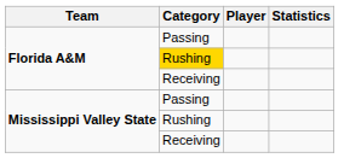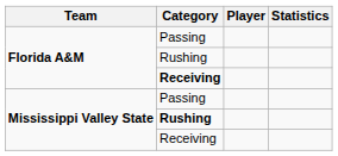 <table class="wikitable" style="float: left;">
 <tr>
 <th>Team</th>
 <th>Category</th>
 <th>Player</th>
 <th>Statistics</th>
 </tr>
 <tr>
 <td rowspan=3><strong>Florida A&M</strong></td>
 <td>Passing</td>
 <td> </td>
 <td> </td>
 </tr>
 <tr>
-<td style="background: gold;">Rushing</td>
+<td>Rushing</td>
 <td> </td>
 <td> </td>
 </tr>
 <tr>
-<td>Receiving</td>
+<td><strong>Receiving</strong></td>
 <td> </td>
 <td> </td>
 </tr>
 <tr>
 <td rowspan=3><strong>Mississippi Valley State</strong></td>
 <td>Passing</td>
 <td> </td>
 <td> </td>
 </tr>
 <tr>
-<td>Rushing</td>
+<td><strong>Rushing</strong></td>
 <td> </td>
 <td> </td>
 </tr>
 <tr>
 <td>Receiving</td>
 <td> </td>
 <td> </td>
 </tr>
 </table>
